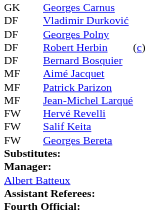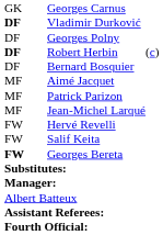 <table style=font-size:90% cellspacing=0 cellpadding=0>
 <tr>
 <td colspan=4></td>
 </tr>
 <tr>
 <th width=25></th>
 <th width=25></th>
 </tr>
 <tr>
 <td>GK</td>
 <td><strong> </strong></td>
 <td> <a href='#'>Georges Carnus</a></td>
 </tr>
 <tr>
-<td>DF</td>
+<td><strong>DF</strong></td>
 <td><strong> </strong></td>
 <td> <a href='#'>Vladimir Durković</a></td>
 </tr>
 <tr>
 <td>DF</td>
 <td><strong> </strong></td>
 <td> <a href='#'>Georges Polny</a></td>
 </tr>
 <tr>
-<td>DF</td>
+<td><strong>DF</strong></td>
 <td><strong> </strong></td>
 <td> <a href='#'>Robert Herbin</a></td>
 <td>(<a href='#'>c</a>)</td>
 </tr>
 <tr>
 <td>DF</td>
 <td><strong> </strong></td>
 <td> <a href='#'>Bernard Bosquier</a></td>
 </tr>
 <tr>
 <td>MF</td>
 <td><strong> </strong></td>
 <td> <a href='#'>Aimé Jacquet</a></td>
 </tr>
 <tr>
 <td>MF</td>
 <td><strong> </strong></td>
 <td> <a href='#'>Patrick Parizon</a></td>
 </tr>
 <tr>
 <td>MF</td>
 <td><strong> </strong></td>
 <td> <a href='#'>Jean-Michel Larqué</a></td>
 </tr>
 <tr>
 <td>FW</td>
 <td><strong> </strong></td>
 <td> <a href='#'>Hervé Revelli</a></td>
 </tr>
 <tr>
 <td>FW</td>
 <td><strong> </strong></td>
 <td> <a href='#'>Salif Keita</a></td>
 </tr>
 <tr>
-<td>FW</td>
+<td><strong>FW</strong></td>
 <td><strong> </strong></td>
 <td> <a href='#'>Georges Bereta</a></td>
 </tr>
 <tr>
 <td colspan=3><strong>Substitutes:</strong></td>
 </tr>
 <tr>
 <td colspan=3><strong>Manager:</strong></td>
 </tr>
 <tr>
 <td colspan=4> <a href='#'>Albert Batteux</a><br><strong>Assistant Referees:</strong><br> <strong>Fourth Official:</strong><br></td>
 </tr>
 </table>
